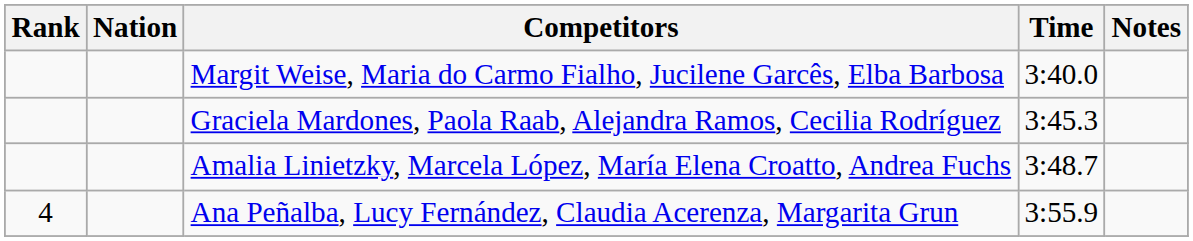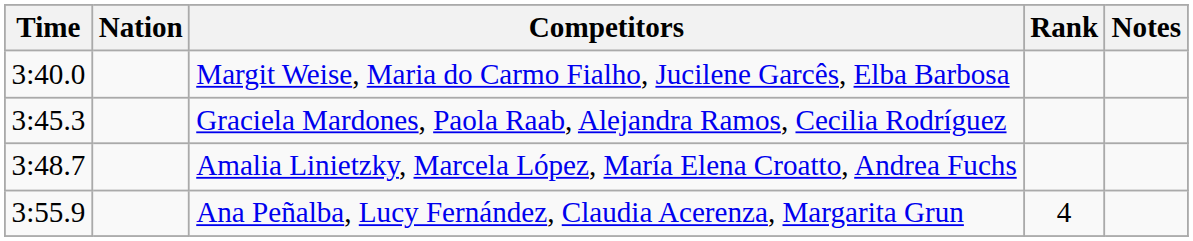 <table class="wikitable sortable" style="text-align:center">
 <tr>
-<th>Rank</th>
+<th>Time</th>
 <th>Nation</th>
 <th>Competitors</th>
-<th>Time</th>
+<th>Rank</th>
 <th>Notes</th>
 </tr>
 <tr>
-<td></td>
+<td>3:40.0</td>
 <td align=left></td>
 <td align=left><a href='#'>Margit Weise</a>, <a href='#'>Maria do Carmo Fialho</a>, <a href='#'>Jucilene Garcês</a>, <a href='#'>Elba Barbosa</a></td>
-<td>3:40.0</td>
+<td></td>
 <td></td>
 </tr>
 <tr>
-<td></td>
+<td>3:45.3</td>
 <td align=left></td>
 <td align=left><a href='#'>Graciela Mardones</a>, <a href='#'>Paola Raab</a>, <a href='#'>Alejandra Ramos</a>, <a href='#'>Cecilia Rodríguez</a></td>
-<td>3:45.3</td>
+<td></td>
 <td></td>
 </tr>
 <tr>
-<td></td>
+<td>3:48.7</td>
 <td align=left></td>
 <td align=left><a href='#'>Amalia Linietzky</a>, <a href='#'>Marcela López</a>, <a href='#'>María Elena Croatto</a>, <a href='#'>Andrea Fuchs</a></td>
-<td>3:48.7</td>
+<td></td>
 <td></td>
 </tr>
 <tr>
-<td>4</td>
+<td>3:55.9</td>
 <td align=left></td>
 <td align=left><a href='#'>Ana Peñalba</a>, <a href='#'>Lucy Fernández</a>, <a href='#'>Claudia Acerenza</a>, <a href='#'>Margarita Grun</a></td>
-<td>3:55.9</td>
+<td>4</td>
 <td></td>
 </tr>
 </table>
